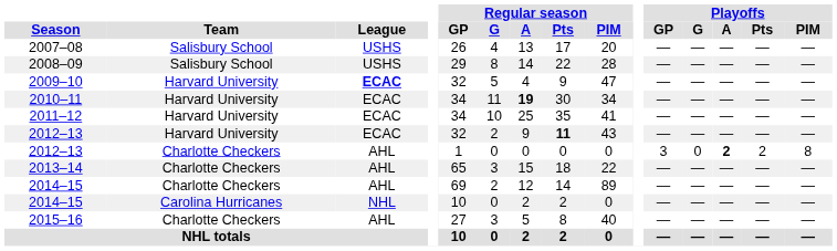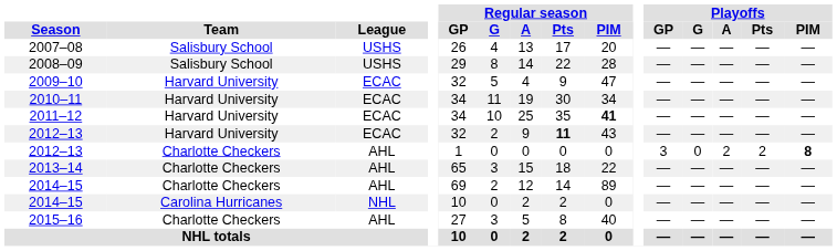 <table border="0" cellpadding="1" cellspacing="0" style="text-align:center; width:60em;">
 <tr style="background:#e0e0e0;">
 <th colspan="3"  bgcolor="#ffffff"> </th>
 <th rowspan="99" bgcolor="#ffffff"> </th>
 <th colspan="5"><a href='#'>Regular season</a></th>
 <th rowspan="99" bgcolor="#ffffff"> </th>
 <th colspan="5"><a href='#'>Playoffs</a></th>
 </tr>
 <tr style="background:#e0e0e0;">
 <th><a href='#'>Season</a></th>
 <th>Team</th>
 <th>League</th>
 <th>GP</th>
 <th><a href='#'>G</a></th>
 <th><a href='#'>A</a></th>
 <th><a href='#'>Pts</a></th>
 <th><a href='#'>PIM</a></th>
 <th>GP</th>
 <th>G</th>
 <th>A</th>
 <th>Pts</th>
 <th>PIM</th>
 </tr>
 <tr>
 <td>2007–08</td>
 <td><a href='#'>Salisbury School</a></td>
 <td><a href='#'>USHS</a></td>
 <td>26</td>
 <td>4</td>
 <td>13</td>
 <td>17</td>
 <td>20</td>
 <td>—</td>
 <td>—</td>
 <td>—</td>
 <td>—</td>
 <td>—</td>
 </tr>
 <tr bgcolor="#f0f0f0">
 <td>2008–09</td>
 <td>Salisbury School</td>
 <td>USHS</td>
 <td>29</td>
 <td>8</td>
 <td>14</td>
 <td>22</td>
 <td>28</td>
 <td>—</td>
 <td>—</td>
 <td>—</td>
 <td>—</td>
 <td>—</td>
 </tr>
 <tr>
 <td><a href='#'>2009–10</a></td>
 <td><a href='#'>Harvard University</a></td>
-<td><strong><a href='#'>ECAC</a></strong></td>
+<td><a href='#'>ECAC</a></td>
 <td>32</td>
 <td>5</td>
 <td>4</td>
 <td>9</td>
 <td>47</td>
 <td>—</td>
 <td>—</td>
 <td>—</td>
 <td>—</td>
 <td>—</td>
 </tr>
 <tr bgcolor="#f0f0f0">
 <td><a href='#'>2010–11</a></td>
 <td>Harvard University</td>
 <td>ECAC</td>
 <td>34</td>
 <td>11</td>
-<td><strong>19</strong></td>
+<td>19</td>
 <td>30</td>
 <td>34</td>
 <td>—</td>
 <td>—</td>
 <td>—</td>
 <td>—</td>
 <td>—</td>
 </tr>
 <tr>
 <td><a href='#'>2011–12</a></td>
 <td>Harvard University</td>
 <td>ECAC</td>
 <td>34</td>
 <td>10</td>
 <td>25</td>
 <td>35</td>
-<td>41</td>
+<td><strong>41</strong></td>
 <td>—</td>
 <td>—</td>
 <td>—</td>
 <td>—</td>
 <td>—</td>
 </tr>
 <tr bgcolor="#f0f0f0">
 <td><a href='#'>2012–13</a></td>
 <td>Harvard University</td>
 <td>ECAC</td>
 <td>32</td>
 <td>2</td>
 <td>9</td>
 <td><strong>11</strong></td>
 <td>43</td>
 <td>—</td>
 <td>—</td>
 <td>—</td>
 <td>—</td>
 <td>—</td>
 </tr>
 <tr>
 <td><a href='#'>2012–13</a></td>
 <td><a href='#'>Charlotte Checkers</a></td>
 <td>AHL</td>
 <td>1</td>
 <td>0</td>
 <td>0</td>
 <td>0</td>
 <td>0</td>
 <td>3</td>
 <td>0</td>
-<td><strong>2</strong></td>
 <td>2</td>
-<td>8</td>
+<td>2</td>
+<td><strong>8</strong></td>
 </tr>
 <tr bgcolor="#f0f0f0">
 <td><a href='#'>2013–14</a></td>
 <td>Charlotte Checkers</td>
 <td>AHL</td>
 <td>65</td>
 <td>3</td>
 <td>15</td>
 <td>18</td>
 <td>22</td>
 <td>—</td>
 <td>—</td>
 <td>—</td>
 <td>—</td>
 <td>—</td>
 </tr>
 <tr>
 <td><a href='#'>2014–15</a></td>
 <td>Charlotte Checkers</td>
 <td>AHL</td>
 <td>69</td>
 <td>2</td>
 <td>12</td>
 <td>14</td>
 <td>89</td>
 <td>—</td>
 <td>—</td>
 <td>—</td>
 <td>—</td>
 <td>—</td>
 </tr>
 <tr bgcolor="#f0f0f0">
 <td><a href='#'>2014–15</a></td>
 <td><a href='#'>Carolina Hurricanes</a></td>
 <td><a href='#'>NHL</a></td>
 <td>10</td>
 <td>0</td>
 <td>2</td>
 <td>2</td>
 <td>0</td>
 <td>—</td>
 <td>—</td>
 <td>—</td>
 <td>—</td>
 <td>—</td>
 </tr>
 <tr>
 <td><a href='#'>2015–16</a></td>
 <td>Charlotte Checkers</td>
 <td>AHL</td>
 <td>27</td>
 <td>3</td>
 <td>5</td>
 <td>8</td>
 <td>40</td>
 <td>—</td>
 <td>—</td>
 <td>—</td>
 <td>—</td>
 <td>—</td>
 </tr>
 <tr ALIGN="center" bgcolor="#e0e0e0">
 <th colspan="3">NHL totals</th>
 <th>10</th>
 <th>0</th>
 <th>2</th>
 <th>2</th>
 <th>0</th>
 <th>—</th>
 <th>—</th>
 <th>—</th>
 <th>—</th>
 <th>—</th>
 </tr>
 </table>
